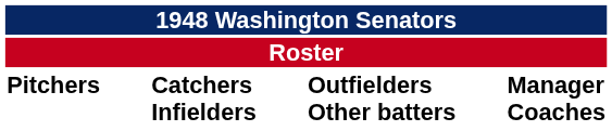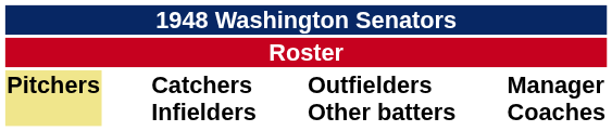 <table class="toccolours" style="font-size: 95%;">
 <tr>
 <th colspan="10" style="background-color: #072764; color: white; text-align: center;">1948 Washington Senators</th>
 </tr>
 <tr>
 <td colspan="10" style="background-color: #c6011f; color: white; text-align: center;"><strong>Roster</strong></td>
 </tr>
 <tr>
-<td valign="top"><strong>Pitchers</strong><br>             </td>
+<td valign="top" style="background: khaki;"><strong>Pitchers</strong><br>             </td>
 <td width="25px"></td>
 <td valign="top"><strong>Catchers</strong><br>   <strong>Infielders</strong>        </td>
 <td width="25px"></td>
 <td valign="top"><strong>Outfielders</strong><br>         <strong>Other batters</strong> </td>
 <td width="25px"></td>
 <td valign="top"><strong>Manager</strong><br> <strong>Coaches</strong>     </td>
 </tr>
 <tr>
 </tr>
 </table>
